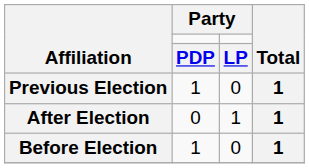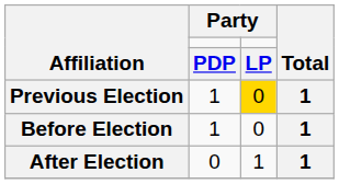 <table class=wikitable style="text-align:center">
 <tr style="vertical-align:bottom;">
 <th rowspan=3>Affiliation</th>
 <th colspan=2>Party</th>
 <th rowspan=3>Total</th>
 </tr>
 <tr>
 <td style="background-color:"></td>
 <td style="background-color:"></td>
 </tr>
 <tr>
 <th><a href='#'>PDP</a></th>
 <th><a href='#'>LP</a></th>
 </tr>
 <tr>
 <th>Previous Election</th>
 <td>1</td>
+<td style="background: gold;">0</td>
+<th>1</th>
+</tr>
+<tr>
+<th>Before Election</th>
+<td>1</td>
 <td>0</td>
 <th>1</th>
 </tr>
 <tr>
 <th>After Election</th>
 <td>0</td>
 <td>1</td>
 <th>1</th>
 </tr>
 <tr>
-<th>Before Election</th>
-<td>1</td>
-<td>0</td>
-<th>1</th>
-</tr>
-<tr>
 </tr>
 </table>
